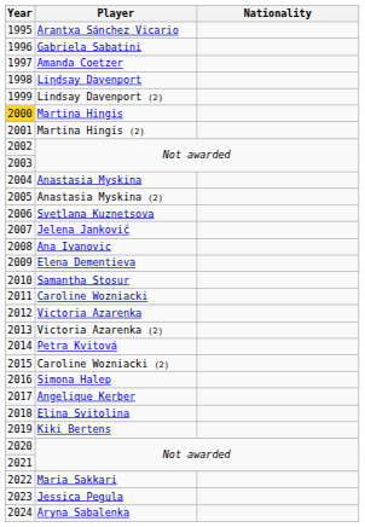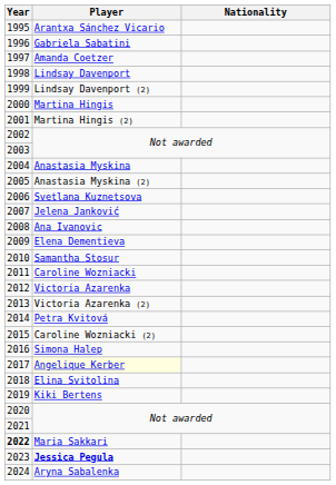 <table class="wikitable">
 <tr>
 <th>Year</th>
 <th width=200>Player</th>
 <th width=200>Nationality</th>
 </tr>
 <tr>
 <td>1995</td>
 <td><a href='#'>Arantxa Sánchez Vicario</a></td>
 <td></td>
 </tr>
 <tr>
 <td>1996</td>
 <td><a href='#'>Gabriela Sabatini</a></td>
 <td></td>
 </tr>
 <tr>
 <td>1997</td>
 <td><a href='#'>Amanda Coetzer</a></td>
 <td></td>
 </tr>
 <tr>
 <td>1998</td>
 <td><a href='#'>Lindsay Davenport</a></td>
 <td></td>
 </tr>
 <tr>
 <td>1999</td>
 <td>Lindsay Davenport <small>(2)</small></td>
 <td></td>
 </tr>
 <tr>
-<td style="background: gold;">2000</td>
+<td>2000</td>
 <td><a href='#'>Martina Hingis</a></td>
 <td></td>
 </tr>
 <tr>
 <td>2001</td>
 <td>Martina Hingis <small>(2)</small></td>
 <td></td>
 </tr>
 <tr>
 <td>2002</td>
 <td colspan="2" rowspan="2" align="center"><em>Not awarded</em></td>
 </tr>
 <tr>
 <td>2003</td>
 </tr>
 <tr>
 <td>2004</td>
 <td><a href='#'>Anastasia Myskina</a></td>
 <td></td>
 </tr>
 <tr>
 <td>2005</td>
 <td>Anastasia Myskina <small>(2)</small></td>
 <td></td>
 </tr>
 <tr>
 <td>2006</td>
 <td><a href='#'>Svetlana Kuznetsova</a></td>
 <td></td>
 </tr>
 <tr>
 <td>2007</td>
 <td><a href='#'>Jelena Janković</a></td>
 <td></td>
 </tr>
 <tr>
 <td>2008</td>
 <td><a href='#'>Ana Ivanovic</a></td>
 <td></td>
 </tr>
 <tr>
 <td>2009</td>
 <td><a href='#'>Elena Dementieva</a></td>
 <td></td>
 </tr>
 <tr>
 <td>2010</td>
 <td><a href='#'>Samantha Stosur</a></td>
 <td></td>
 </tr>
 <tr>
 <td>2011</td>
 <td><a href='#'>Caroline Wozniacki</a></td>
 <td></td>
 </tr>
 <tr>
 <td>2012</td>
 <td><a href='#'>Victoria Azarenka</a></td>
 <td></td>
 </tr>
 <tr>
 <td>2013</td>
 <td>Victoria Azarenka <small>(2)</small></td>
 <td></td>
 </tr>
 <tr>
 <td>2014</td>
 <td><a href='#'>Petra Kvitová</a></td>
 <td></td>
 </tr>
 <tr>
 <td>2015</td>
 <td>Caroline Wozniacki <small>(2)</small></td>
 <td></td>
 </tr>
 <tr>
 <td>2016</td>
 <td><a href='#'>Simona Halep</a></td>
 <td></td>
 </tr>
 <tr>
 <td>2017</td>
-<td><a href='#'>Angelique Kerber</a></td>
+<td style="background: lightyellow;"><a href='#'>Angelique Kerber</a></td>
 <td></td>
 </tr>
 <tr>
 <td>2018</td>
 <td><a href='#'>Elina Svitolina</a></td>
 <td></td>
 </tr>
 <tr>
 <td>2019</td>
 <td><a href='#'>Kiki Bertens</a></td>
 <td></td>
 </tr>
 <tr>
 <td>2020</td>
 <td colspan="2" rowspan="2" align="center"><em>Not awarded</em></td>
 </tr>
 <tr>
 <td>2021</td>
 </tr>
 <tr>
-<td>2022</td>
+<td><strong>2022</strong></td>
 <td><a href='#'>Maria Sakkari</a></td>
 <td></td>
 </tr>
 <tr>
 <td>2023</td>
-<td><a href='#'>Jessica Pegula</a></td>
+<td><strong><a href='#'>Jessica Pegula</a></strong></td>
 <td></td>
 </tr>
 <tr>
 <td>2024</td>
 <td><a href='#'>Aryna Sabalenka</a></td>
 <td></td>
 </tr>
 </table>
